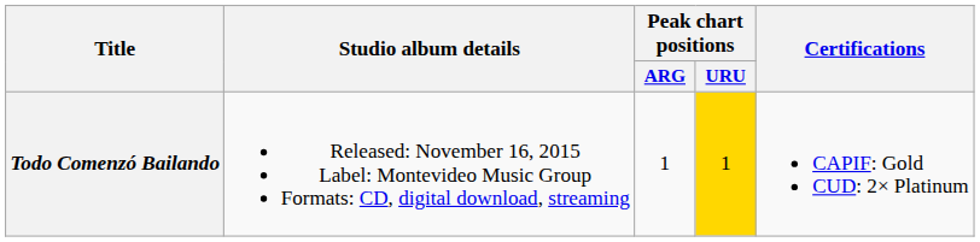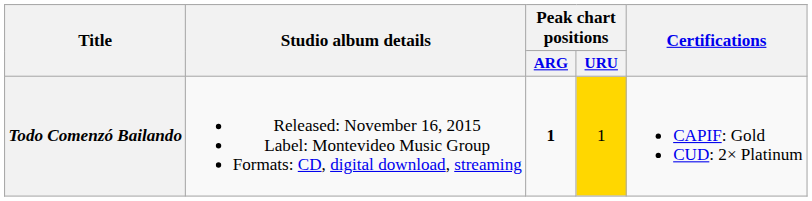 <table class="wikitable plainrowheaders" style="text-align:center;">
 <tr>
 <th scope="col" rowspan="2">Title</th>
 <th scope="col" rowspan="2">Studio album details</th>
 <th scope="col" colspan="2">Peak chart positions</th>
 <th scope="col" rowspan="2"><a href='#'>Certifications</a></th>
 </tr>
 <tr>
 <th scope="col" style="width:2.8em;font-size:90%;"><a href='#'>ARG</a><br></th>
 <th scope="col" style="width:2.8em;font-size:90%;"><a href='#'>URU</a><br></th>
 </tr>
 <tr>
 <th scope="row"><em>Todo Comenzó Bailando</em></th>
 <td><br><ul><li>Released: November 16, 2015</li><li>Label: Montevideo Music Group</li><li>Formats: <a href='#'>CD</a>, <a href='#'>digital download</a>, <a href='#'>streaming</a></li></ul></td>
-<td>1</td>
+<td><strong>1</strong></td>
 <td style="background: gold;">1</td>
 <td align="left"><br><ul><li><a href='#'>CAPIF</a>: Gold</li><li><a href='#'>CUD</a>: 2× Platinum</li></ul></td>
 </tr>
 </table>
